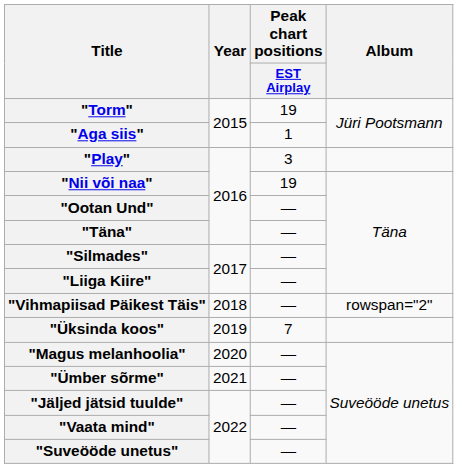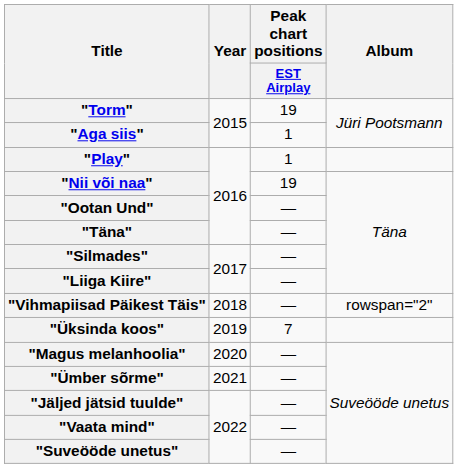 <table class="wikitable plainrowheaders" style="text-align:center;">
 <tr>
 <th scope="col" rowspan="2">Title</th>
 <th scope="col" rowspan="2">Year</th>
 <th scope="col" colspan="1">Peak chart positions</th>
 <th scope="col" rowspan="2">Album</th>
 </tr>
 <tr>
 <th scope="col" style="width:3em;font-size:85%;"><a href='#'>EST<br>Airplay</a><br></th>
 </tr>
 <tr>
 <th scope="row">"<a href='#'>Torm</a>"</th>
 <td rowspan="2">2015</td>
 <td>19</td>
 <td rowspan="2"><em>Jüri Pootsmann</em></td>
 </tr>
 <tr>
 <th scope="row">"<a href='#'>Aga siis</a>"</th>
 <td>1</td>
 </tr>
 <tr>
 <th scope="row">"<a href='#'>Play</a>"</th>
 <td rowspan="4">2016</td>
-<td>3</td>
+<td>1</td>
 <td></td>
 </tr>
 <tr>
 <th scope="row">"<a href='#'>Nii või naa</a>"</th>
 <td>19</td>
 <td rowspan="5"><em>Täna</em></td>
 </tr>
 <tr>
 <th scope="row">"Ootan Und"</th>
 <td>—</td>
 </tr>
 <tr>
 <th scope="row">"Täna"</th>
 <td>—</td>
 </tr>
 <tr>
 <th scope="row">"Silmades"</th>
 <td rowspan="2">2017</td>
 <td>—</td>
 </tr>
 <tr>
 <th scope="row">"Liiga Kiire"</th>
 <td>—</td>
 </tr>
 <tr>
 <th scope="row">"Vihmapiisad Päikest Täis"</th>
 <td>2018</td>
 <td>—</td>
 <td>rowspan="2" </td>
 </tr>
 <tr>
 <th scope="row">"Üksinda koos"</th>
 <td>2019</td>
 <td>7</td>
 </tr>
 <tr>
 <th scope="row">"Magus melanhoolia"</th>
 <td>2020</td>
 <td>—</td>
 <td rowspan="5"><em>Suveööde unetus</em></td>
 </tr>
 <tr>
 <th scope="row">"Ümber sõrme"</th>
 <td>2021</td>
 <td>—</td>
 </tr>
 <tr>
 <th scope="row">"Jäljed jätsid tuulde"</th>
 <td rowspan="3">2022</td>
 <td>—</td>
 </tr>
 <tr>
 <th scope="row">"Vaata mind"</th>
 <td>—</td>
 </tr>
 <tr>
 <th scope="row">"Suveööde unetus"</th>
 <td>—</td>
 </tr>
 </table>
